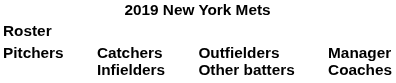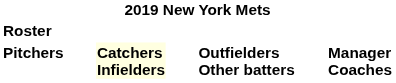 <table class="toccolours" style="font-size: 95%;">
 <tr>
 <th colspan="10">2019 New York Mets</th>
 </tr>
 <tr>
 <td colspan="10"><strong>Roster</strong></td>
 </tr>
 <tr>
 <td valign="top"><strong>Pitchers</strong><br>                            </td>
 <td width="25px"></td>
-<td valign="top"><strong>Catchers</strong><br>    <strong>Infielders</strong>        </td>
+<td valign="top" style="background: lightyellow;"><strong>Catchers</strong><br>    <strong>Infielders</strong>        </td>
 <td width="25px"></td>
 <td valign="top"><strong>Outfielders</strong><br>           <strong>Other batters</strong> </td>
 <td width="25px"></td>
 <td valign="top"><strong>Manager</strong><br>  <strong>Coaches</strong>                           </td>
 </tr>
 </table>
